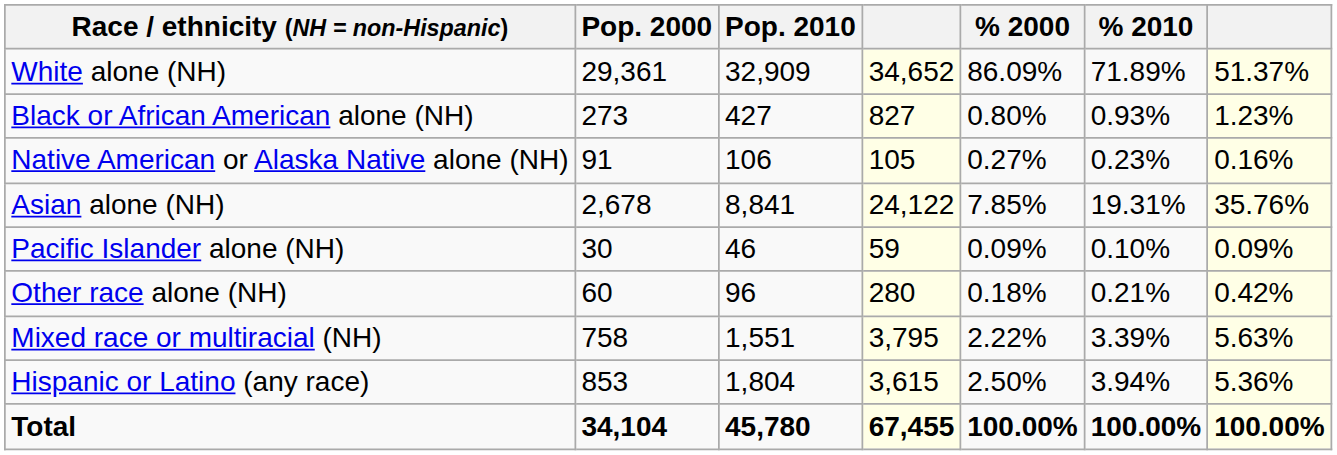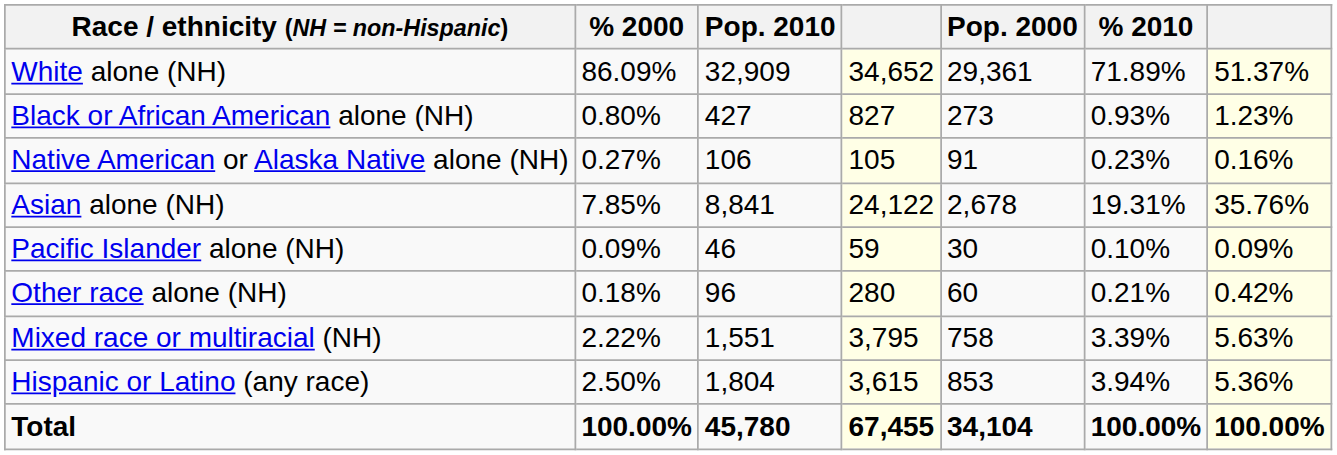 <table class="wikitable">
 <tr>
 <th>Race / ethnicity <small>(<em>NH = non-Hispanic</em>)</small></th>
-<th>Pop. 2000</th>
+<th>% 2000</th>
 <th>Pop. 2010</th>
 <th></th>
-<th>% 2000</th>
+<th>Pop. 2000</th>
 <th>% 2010</th>
 <th></th>
 </tr>
 <tr>
 <td><a href='#'>White</a> alone (NH)</td>
-<td>29,361</td>
+<td>86.09%</td>
 <td>32,909</td>
 <td style='background: #ffffe6;'>34,652</td>
-<td>86.09%</td>
+<td>29,361</td>
 <td>71.89%</td>
 <td style='background: #ffffe6;'>51.37%</td>
 </tr>
 <tr>
 <td><a href='#'>Black or African American</a> alone (NH)</td>
-<td>273</td>
+<td>0.80%</td>
 <td>427</td>
 <td style='background: #ffffe6;'>827</td>
-<td>0.80%</td>
+<td>273</td>
 <td>0.93%</td>
 <td style='background: #ffffe6;'>1.23%</td>
 </tr>
 <tr>
 <td><a href='#'>Native American</a> or <a href='#'>Alaska Native</a> alone (NH)</td>
-<td>91</td>
+<td>0.27%</td>
 <td>106</td>
 <td style='background: #ffffe6;'>105</td>
-<td>0.27%</td>
+<td>91</td>
 <td>0.23%</td>
 <td style='background: #ffffe6;'>0.16%</td>
 </tr>
 <tr>
 <td><a href='#'>Asian</a> alone (NH)</td>
-<td>2,678</td>
+<td>7.85%</td>
 <td>8,841</td>
 <td style='background: #ffffe6;'>24,122</td>
-<td>7.85%</td>
+<td>2,678</td>
 <td>19.31%</td>
 <td style='background: #ffffe6;'>35.76%</td>
 </tr>
 <tr>
 <td><a href='#'>Pacific Islander</a> alone (NH)</td>
-<td>30</td>
+<td>0.09%</td>
 <td>46</td>
 <td style='background: #ffffe6;'>59</td>
-<td>0.09%</td>
+<td>30</td>
 <td>0.10%</td>
 <td style='background: #ffffe6;'>0.09%</td>
 </tr>
 <tr>
 <td><a href='#'>Other race</a> alone (NH)</td>
-<td>60</td>
+<td>0.18%</td>
 <td>96</td>
 <td style='background: #ffffe6;'>280</td>
-<td>0.18%</td>
+<td>60</td>
 <td>0.21%</td>
 <td style='background: #ffffe6;'>0.42%</td>
 </tr>
 <tr>
 <td><a href='#'>Mixed race or multiracial</a> (NH)</td>
-<td>758</td>
+<td>2.22%</td>
 <td>1,551</td>
 <td style='background: #ffffe6;'>3,795</td>
-<td>2.22%</td>
+<td>758</td>
 <td>3.39%</td>
 <td style='background: #ffffe6;'>5.63%</td>
 </tr>
 <tr>
 <td><a href='#'>Hispanic or Latino</a> (any race)</td>
-<td>853</td>
+<td>2.50%</td>
 <td>1,804</td>
 <td style='background: #ffffe6;'>3,615</td>
-<td>2.50%</td>
+<td>853</td>
 <td>3.94%</td>
 <td style='background: #ffffe6;'>5.36%</td>
 </tr>
 <tr>
 <td><strong>Total</strong></td>
-<td><strong>34,104</strong></td>
+<td><strong>100.00%</strong></td>
 <td><strong>45,780</strong></td>
 <td style='background: #ffffe6;'><strong>67,455</strong></td>
-<td><strong>100.00%</strong></td>
+<td><strong>34,104</strong></td>
 <td><strong>100.00%</strong></td>
 <td style='background: #ffffe6;'><strong>100.00%</strong></td>
 </tr>
 </table>
